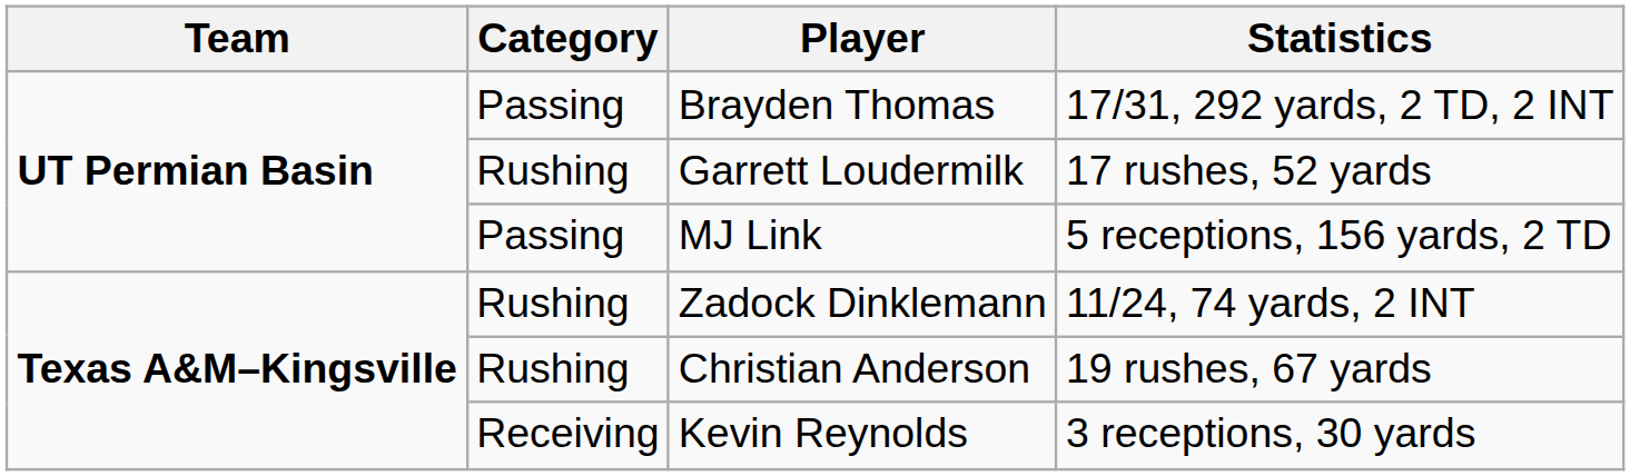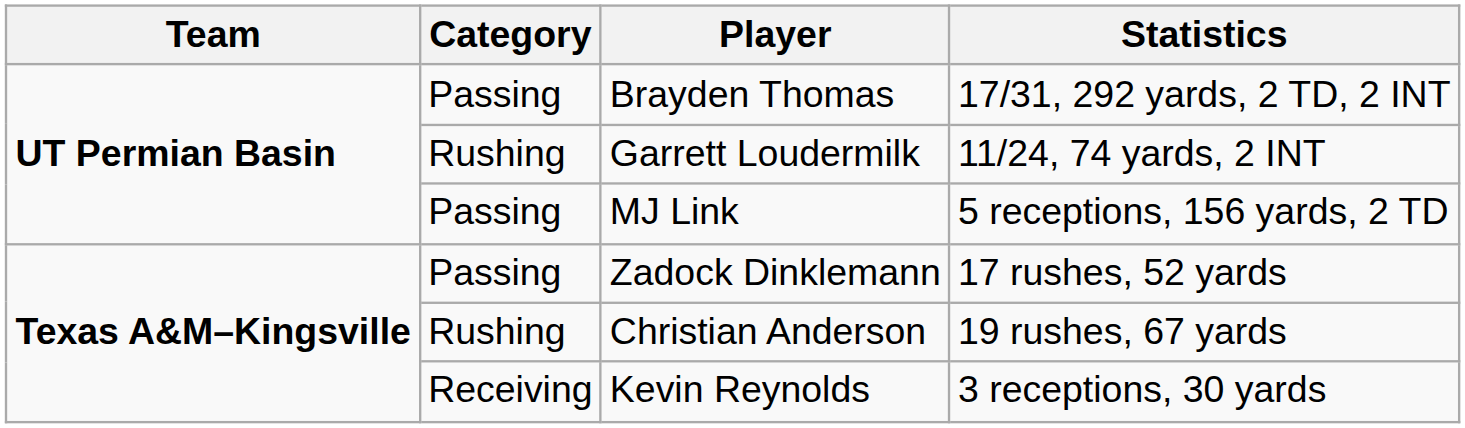 <table class="wikitable" style="float: right;">
 <tr>
 <th>Team</th>
 <th>Category</th>
 <th>Player</th>
 <th>Statistics</th>
 </tr>
 <tr>
 <td rowspan=3><strong>UT Permian Basin</strong></td>
 <td>Passing</td>
 <td>Brayden Thomas</td>
 <td>17/31, 292 yards, 2 TD, 2 INT</td>
 </tr>
 <tr>
 <td>Rushing</td>
 <td>Garrett Loudermilk</td>
-<td>17 rushes, 52 yards</td>
+<td>11/24, 74 yards, 2 INT</td>
 </tr>
 <tr>
 <td>Passing</td>
 <td>MJ Link</td>
 <td>5 receptions, 156 yards, 2 TD</td>
 </tr>
 <tr>
 <td rowspan=3><strong>Texas A&M–Kingsville</strong></td>
-<td>Rushing</td>
+<td>Passing</td>
 <td>Zadock Dinklemann</td>
-<td>11/24, 74 yards, 2 INT</td>
+<td>17 rushes, 52 yards</td>
 </tr>
 <tr>
 <td>Rushing</td>
 <td>Christian Anderson</td>
 <td>19 rushes, 67 yards</td>
 </tr>
 <tr>
 <td>Receiving</td>
 <td>Kevin Reynolds</td>
 <td>3 receptions, 30 yards</td>
 </tr>
 </table>
